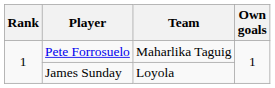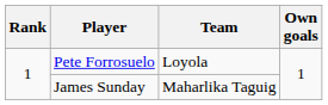 <table class="wikitable">
 <tr>
 <th>Rank</th>
 <th>Player</th>
 <th>Team</th>
 <th>Own<br>goals</th>
 </tr>
 <tr>
 <td rowspan="2" style="text-align:center;">1</td>
 <td> <a href='#'>Pete Forrosuelo</a></td>
-<td>Maharlika Taguig</td>
+<td>Loyola</td>
 <td rowspan="2" style="text-align:center;">1</td>
 </tr>
 <tr>
 <td> James Sunday</td>
-<td>Loyola</td>
+<td>Maharlika Taguig</td>
 </tr>
 </table>
